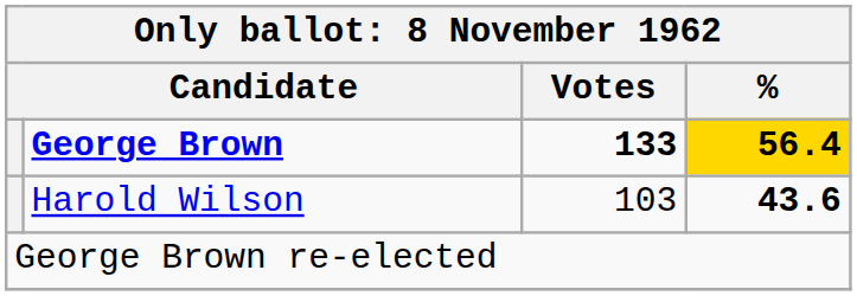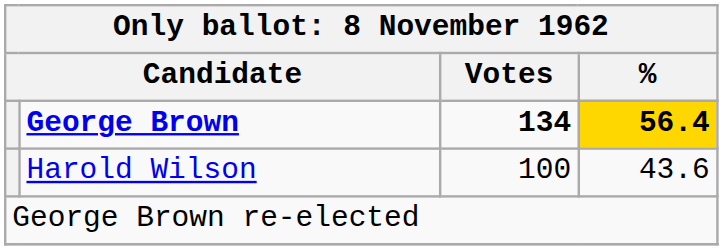 <table class=wikitable style="font-size:95%;">
 <tr>
 <th colspan="4">Only ballot: 8 November 1962</th>
 </tr>
 <tr>
 <th colspan="2" style="width: 170px">Candidate</th>
 <th style="width: 52px">Votes</th>
 <th style="width: 52px">%</th>
 </tr>
 <tr>
 <th style="background-color: "></th>
 <td style="width: 170px"><strong><a href='#'>George Brown</a></strong></td>
-<td align="right"><strong>133</strong></td>
+<td align="right"><strong>134</strong></td>
 <td align="right" style="background: gold;"><strong>56.4</strong></td>
 </tr>
 <tr>
 <th style="background-color: "></th>
 <td style="width: 170px"><a href='#'>Harold Wilson</a></td>
-<td align="right">103</td>
-<td align="right"><strong>43.6</strong></td>
+<td align="right">100</td>
+<td align="right">43.6</td>
 </tr>
 <tr>
 <td colspan="4">George Brown re-elected</td>
 </tr>
 <tr>
 </tr>
 </table>
